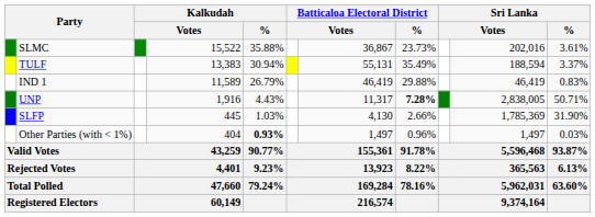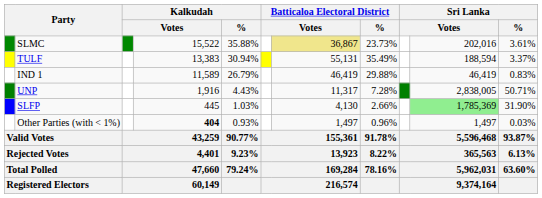 <table class="wikitable">
 <tr>
 <th colspan="2" width="144px"rowspan="2">Party</th>
 <th colspan="3" width="216px">Kalkudah</th>
 <th colspan="3" width="216px"><a href='#'>Batticaloa Electoral District</a></th>
 <th colspan="3" width="216px">Sri Lanka</th>
 </tr>
 <tr>
 <th colspan="2" width="144px">Votes</th>
 <th>%</th>
 <th colspan="2" width="144px">Votes</th>
 <th>%</th>
 <th colspan="2" width="144px">Votes</th>
 <th>%</th>
 </tr>
 <tr>
 <td style="background-color:#008800;" width="10px"></td>
 <td style="text-align:left;">SLMC</td>
 <td style="background-color:#008800;" width="10px"></td>
 <td style="text-align:right;">15,522</td>
 <td style="text-align:right;">35.88%</td>
 <td style="background-color:white;" width="10px"></td>
-<td style="text-align:right;">36,867</td>
+<td style="background: khaki; text-align:right;">36,867</td>
 <td style="text-align:right;">23.73%</td>
 <td style="background-color:white;" width="10px"></td>
 <td style="text-align:right;">202,016</td>
 <td style="text-align:right;">3.61%</td>
 </tr>
 <tr>
 <td style="background-color:yellow;" width="10px"></td>
 <td style="text-align:left;"><a href='#'>TULF</a></td>
 <td style="background-color:white;" width="10px"></td>
 <td style="text-align:right;">13,383</td>
 <td style="text-align:right;">30.94%</td>
 <td style="background-color:yellow;" width="10px"></td>
 <td style="text-align:right;">55,131</td>
 <td style="text-align:right;">35.49%</td>
 <td style="background-color:white;" width="10px"></td>
 <td style="text-align:right;">188,594</td>
 <td style="text-align:right;">3.37%</td>
 </tr>
 <tr>
 <td style="background-color:white;" width="10px"></td>
 <td style="text-align:left;">IND 1</td>
 <td style="background-color:white;" width="10px"></td>
 <td style="text-align:right;">11,589</td>
 <td style="text-align:right;">26.79%</td>
 <td style="background-color:white;" width="10px"></td>
 <td style="text-align:right;">46,419</td>
 <td style="text-align:right;">29.88%</td>
 <td style="background-color:white;" width="10px"></td>
 <td style="text-align:right;">46,419</td>
 <td style="text-align:right;">0.83%</td>
 </tr>
 <tr>
 <td style="background-color:green;" width="10px"></td>
 <td style="text-align:left;"><a href='#'>UNP</a></td>
 <td style="background-color:white;" width="10px"></td>
 <td style="text-align:right;">1,916</td>
 <td style="text-align:right;">4.43%</td>
 <td style="background-color:white;" width="10px"></td>
 <td style="text-align:right;">11,317</td>
-<td style="text-align:right;"><strong>7.28%</strong></td>
+<td style="text-align:right;">7.28%</td>
 <td style="background-color:green;" width="10px"></td>
 <td style="text-align:right;">2,838,005</td>
 <td style="text-align:right;">50.71%</td>
 </tr>
 <tr>
 <td style="background-color:blue;" width="10px"></td>
 <td style="text-align:left;"><a href='#'>SLFP</a></td>
 <td style="background-color:white;" width="10px"></td>
 <td style="text-align:right;">445</td>
 <td style="text-align:right;">1.03%</td>
 <td style="background-color:white;" width="10px"></td>
 <td style="text-align:right;">4,130</td>
 <td style="text-align:right;">2.66%</td>
 <td style="background-color:white;" width="10px"></td>
-<td style="text-align:right;">1,785,369</td>
+<td style="background: lightgreen; text-align:right;">1,785,369</td>
 <td style="text-align:right;">31.90%</td>
 </tr>
 <tr>
 <td style="background-color:white;" width="10px"></td>
 <td style="text-align:left;">Other Parties (with < 1%)</td>
 <td style="background-color:white;" width="10px"></td>
-<td style="text-align:right;">404</td>
-<td style="text-align:right;"><strong>0.93%</strong></td>
+<td style="text-align:right;"><strong>404</strong></td>
+<td style="text-align:right;">0.93%</td>
 <td style="background-color:white;" width="10px"></td>
 <td style="text-align:right;">1,497</td>
 <td style="text-align:right;">0.96%</td>
 <td style="background-color:white;" width="10px"></td>
 <td style="text-align:right;">1,497</td>
 <td style="text-align:right;">0.03%</td>
 </tr>
 <tr>
 <th colspan="2" width="144px"style="text-align:left;">Valid Votes</th>
 <th style="text-align:right;"colspan="2" width="144px">43,259</th>
 <th style="text-align:right;">90.77%</th>
 <th style="text-align:right;"colspan="2" width="144px">155,361</th>
 <th style="text-align:right;">91.78%</th>
 <th style="text-align:right;"colspan="2" width="144px">5,596,468</th>
 <th style="text-align:right;">93.87%</th>
 </tr>
 <tr>
 <th colspan="2" width="144px"style="text-align:left;">Rejected Votes</th>
 <th style="text-align:right;"colspan="2" width="144px">4,401</th>
 <th style="text-align:right;">9.23%</th>
 <th style="text-align:right;"colspan="2" width="144px">13,923</th>
 <th style="text-align:right;">8.22%</th>
 <th style="text-align:right;"colspan="2" width="144px">365,563</th>
 <th style="text-align:right;">6.13%</th>
 </tr>
 <tr>
 <th colspan="2" width="144px"style="text-align:left;">Total Polled</th>
 <th style="text-align:right;"colspan="2" width="144px">47,660</th>
 <th style="text-align:right;">79.24%</th>
 <th style="text-align:right;"colspan="2" width="144px">169,284</th>
 <th style="text-align:right;">78.16%</th>
 <th style="text-align:right;"colspan="2" width="144px">5,962,031</th>
 <th style="text-align:right;">63.60%</th>
 </tr>
 <tr>
 <th colspan="2" width="144px"style="text-align:left;">Registered Electors</th>
 <th style="text-align:right;"colspan="2" width="144px">60,149</th>
 <th></th>
 <th style="text-align:right;"colspan="2" width="144px">216,574</th>
 <th></th>
 <th style="text-align:right;"colspan="2" width="144px">9,374,164</th>
 <th></th>
 </tr>
 </table>
